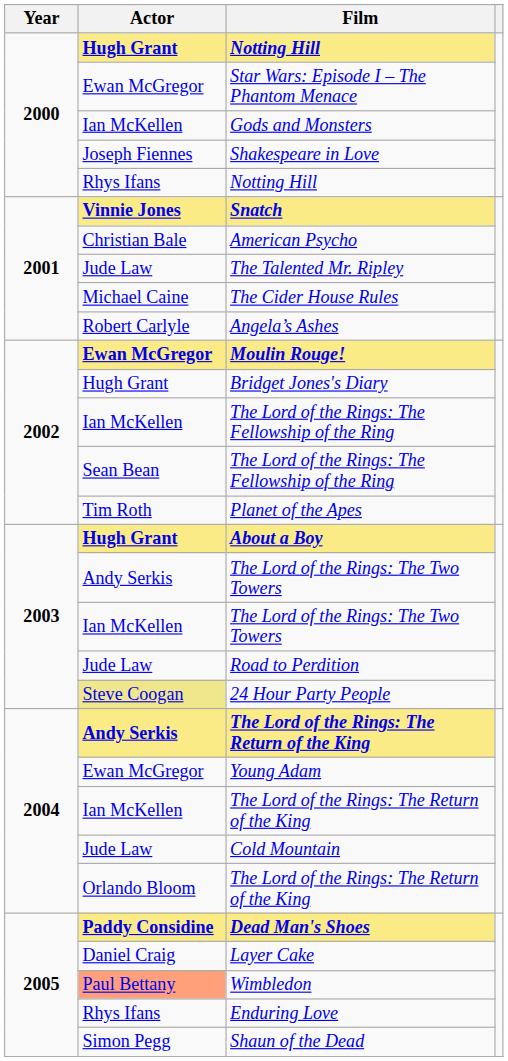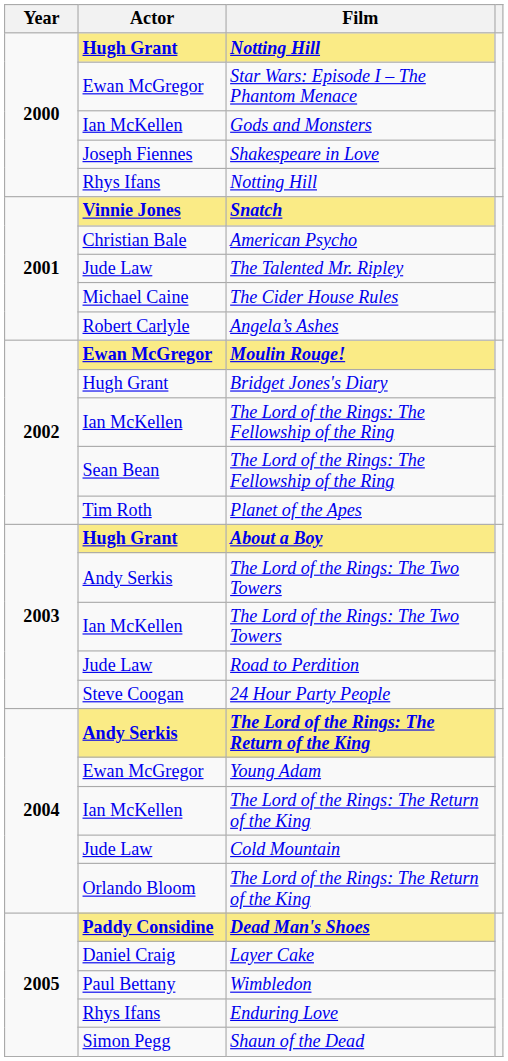 <table class="wikitable" width="50%">
 <tr>
 <th width="15%">Year</th>
 <th width="30%">Actor</th>
 <th width="60%">Film</th>
 <th width="2%"></th>
 </tr>
 <tr>
 <td rowspan="5" style="text-align:center"><strong>2000<br> </strong></td>
 <td style="background:#FAEB86"><strong><a href='#'>Hugh Grant</a></strong></td>
 <td style="background:#FAEB86"><strong><em><a href='#'>Notting Hill</a></em></strong></td>
 <td rowspan="5" style="text-align:center"></td>
 </tr>
 <tr>
 <td><a href='#'>Ewan McGregor</a></td>
 <td><em><a href='#'>Star Wars: Episode I – The Phantom Menace</a></em></td>
 </tr>
 <tr>
 <td><a href='#'>Ian McKellen</a></td>
 <td><em><a href='#'>Gods and Monsters</a></em></td>
 </tr>
 <tr>
 <td><a href='#'>Joseph Fiennes</a></td>
 <td><em><a href='#'>Shakespeare in Love</a></em></td>
 </tr>
 <tr>
 <td><a href='#'>Rhys Ifans</a></td>
 <td><em><a href='#'>Notting Hill</a></em></td>
 </tr>
 <tr>
 <td rowspan="5" style="text-align:center"><strong>2001<br> </strong></td>
 <td style="background:#FAEB86"><strong><a href='#'>Vinnie Jones</a></strong></td>
 <td style="background:#FAEB86"><strong><em><a href='#'>Snatch</a></em></strong></td>
 <td rowspan="5" style="text-align:center"></td>
 </tr>
 <tr>
 <td><a href='#'>Christian Bale</a></td>
 <td><em><a href='#'>American Psycho</a></em></td>
 </tr>
 <tr>
 <td><a href='#'>Jude Law</a></td>
 <td><em><a href='#'>The Talented Mr. Ripley</a></em></td>
 </tr>
 <tr>
 <td><a href='#'>Michael Caine</a></td>
 <td><em><a href='#'>The Cider House Rules</a></em></td>
 </tr>
 <tr>
 <td><a href='#'>Robert Carlyle</a></td>
 <td><em><a href='#'>Angela’s Ashes</a></em></td>
 </tr>
 <tr>
 <td rowspan="5" style="text-align:center"><strong>2002<br> </strong></td>
 <td style="background:#FAEB86"><strong><a href='#'>Ewan McGregor</a></strong></td>
 <td style="background:#FAEB86"><strong><em><a href='#'>Moulin Rouge!</a></em></strong></td>
 <td rowspan="5" style="text-align:center"></td>
 </tr>
 <tr>
 <td><a href='#'>Hugh Grant</a></td>
 <td><em><a href='#'>Bridget Jones's Diary</a></em></td>
 </tr>
 <tr>
 <td><a href='#'>Ian McKellen</a></td>
 <td><em><a href='#'>The Lord of the Rings: The Fellowship of the Ring</a></em></td>
 </tr>
 <tr>
 <td><a href='#'>Sean Bean</a></td>
 <td><em><a href='#'>The Lord of the Rings: The Fellowship of the Ring</a></em></td>
 </tr>
 <tr>
 <td><a href='#'>Tim Roth</a></td>
 <td><em><a href='#'>Planet of the Apes</a></em></td>
 </tr>
 <tr>
 <td rowspan="5" style="text-align:center"><strong>2003<br> </strong></td>
 <td style="background:#FAEB86"><strong><a href='#'>Hugh Grant</a></strong></td>
 <td style="background:#FAEB86"><strong><em><a href='#'>About a Boy</a></em></strong></td>
 <td rowspan="5" style="text-align:center"></td>
 </tr>
 <tr>
 <td><a href='#'>Andy Serkis</a></td>
 <td><em><a href='#'>The Lord of the Rings: The Two Towers</a></em></td>
 </tr>
 <tr>
 <td><a href='#'>Ian McKellen</a></td>
 <td><em><a href='#'>The Lord of the Rings: The Two Towers</a></em></td>
 </tr>
 <tr>
 <td><a href='#'>Jude Law</a></td>
 <td><em><a href='#'>Road to Perdition</a></em></td>
 </tr>
 <tr>
-<td style="background: khaki;"><a href='#'>Steve Coogan</a></td>
+<td><a href='#'>Steve Coogan</a></td>
 <td><em><a href='#'>24 Hour Party People</a></em></td>
 </tr>
 <tr>
 <td rowspan="5" style="text-align:center"><strong>2004<br> </strong></td>
 <td style="background:#FAEB86"><strong><a href='#'>Andy Serkis</a></strong></td>
 <td style="background:#FAEB86"><strong><em><a href='#'>The Lord of the Rings: The Return of the King</a></em></strong></td>
 <td rowspan="5" style="text-align:center"></td>
 </tr>
 <tr>
 <td><a href='#'>Ewan McGregor</a></td>
 <td><em><a href='#'>Young Adam</a></em></td>
 </tr>
 <tr>
 <td><a href='#'>Ian McKellen</a></td>
 <td><em><a href='#'>The Lord of the Rings: The Return of the King</a></em></td>
 </tr>
 <tr>
 <td><a href='#'>Jude Law</a></td>
 <td><em><a href='#'>Cold Mountain</a></em></td>
 </tr>
 <tr>
 <td><a href='#'>Orlando Bloom</a></td>
 <td><em><a href='#'>The Lord of the Rings: The Return of the King</a></em></td>
 </tr>
 <tr>
 <td rowspan="5" style="text-align:center"><strong>2005<br> </strong></td>
 <td style="background:#FAEB86"><strong><a href='#'>Paddy Considine</a></strong></td>
 <td style="background:#FAEB86"><strong><em><a href='#'>Dead Man's Shoes</a></em></strong></td>
 <td rowspan="5" style="text-align:center"></td>
 </tr>
 <tr>
 <td><a href='#'>Daniel Craig</a></td>
 <td><em><a href='#'>Layer Cake</a></em></td>
 </tr>
 <tr>
-<td style="background: lightsalmon;"><a href='#'>Paul Bettany</a></td>
+<td><a href='#'>Paul Bettany</a></td>
 <td><em><a href='#'>Wimbledon</a></em></td>
 </tr>
 <tr>
 <td><a href='#'>Rhys Ifans</a></td>
 <td><em><a href='#'>Enduring Love</a></em></td>
 </tr>
 <tr>
 <td><a href='#'>Simon Pegg</a></td>
 <td><em><a href='#'>Shaun of the Dead</a></em></td>
 </tr>
 </table>
